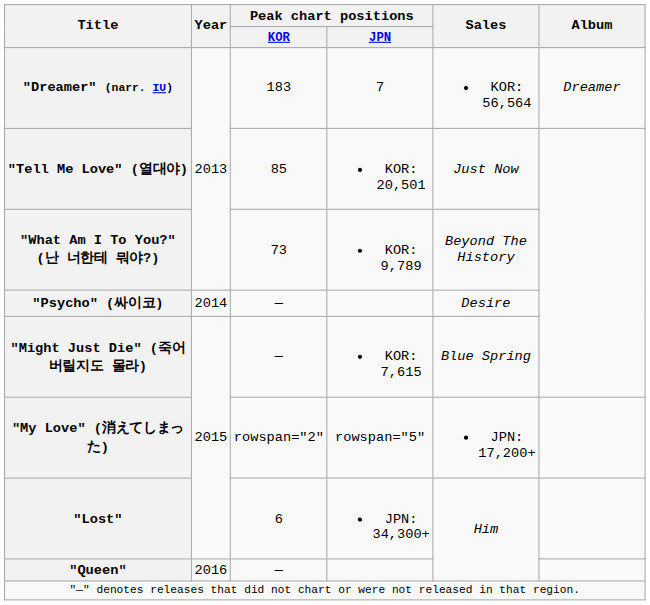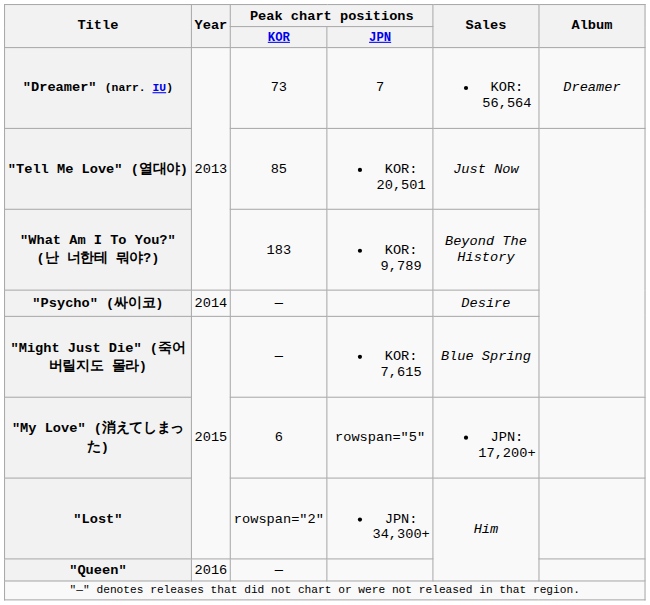 <table class="wikitable plainrowheaders" style="text-align:center;">
 <tr>
 <th scope="col" rowspan="2" style="width:20em;">Title</th>
 <th scope="col" rowspan="2">Year</th>
 <th scope="col" colspan="2">Peak chart positions</th>
 <th scope="col" rowspan="2">Sales</th>
 <th scope="col" rowspan="2" style="width:10em;">Album</th>
 </tr>
 <tr>
 <th scope="col" style="width:3.5em;font-size:90%;"><a href='#'>KOR</a><br></th>
 <th scope="col" style="width:3.5em;font-size:90%;"><a href='#'>JPN</a></th>
 </tr>
 <tr>
 <th scope="row">"Dreamer" <small>(narr. <a href='#'>IU</a>)</small></th>
 <td rowspan="3">2013</td>
-<td>183</td>
+<td>73</td>
 <td>7</td>
 <td><br><ul><li>KOR: 56,564</li></ul></td>
 <td><em>Dreamer</em></td>
 </tr>
 <tr>
 <th scope="row">"Tell Me Love" (열대야)</th>
 <td>85</td>
 <td><br><ul><li>KOR: 20,501</li></ul></td>
 <td><em>Just Now</em></td>
 </tr>
 <tr>
 <th scope="row">"What Am I To You?" (난 너한테 뭐야?)</th>
-<td>73</td>
+<td>183</td>
 <td><br><ul><li>KOR: 9,789</li></ul></td>
 <td><em>Beyond The History</em></td>
 </tr>
 <tr>
 <th scope="row">"Psycho" (싸이코)</th>
 <td>2014</td>
 <td>—</td>
 <td></td>
 <td><em>Desire</em></td>
 </tr>
 <tr>
 <th scope="row">"Might Just Die" (죽어버릴지도 몰라)</th>
 <td rowspan="3">2015</td>
 <td>—</td>
 <td><br><ul><li>KOR: 7,615</li></ul></td>
 <td><em>Blue Spring</em></td>
 </tr>
 <tr>
 <th scope="row">"My Love" (消えてしまった)</th>
-<td>rowspan="2" </td>
+<td>6</td>
 <td>rowspan="5" </td>
 <td><br><ul><li>JPN: 17,200+</li></ul></td>
 <td></td>
 </tr>
 <tr>
 <th scope="row">"Lost"</th>
-<td>6</td>
+<td>rowspan="2" </td>
 <td><br><ul><li>JPN: 34,300+</li></ul></td>
 <td rowspan="2"><em>Him</em></td>
 </tr>
 <tr>
 <th scope="row">"Queen"</th>
 <td>2016</td>
 <td>—</td>
 <td></td>
 <td></td>
 </tr>
 <tr>
 <td colspan="6" style="font-size:8pt;">"—" denotes releases that did not chart or were not released in that region.</td>
 </tr>
 </table>
